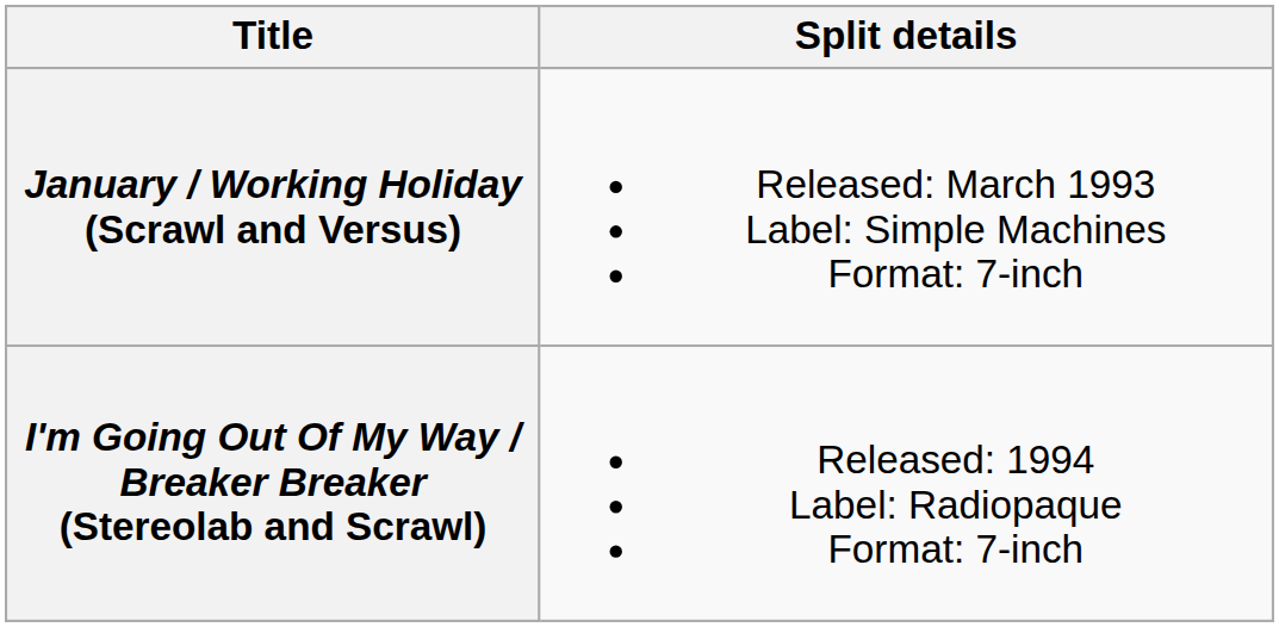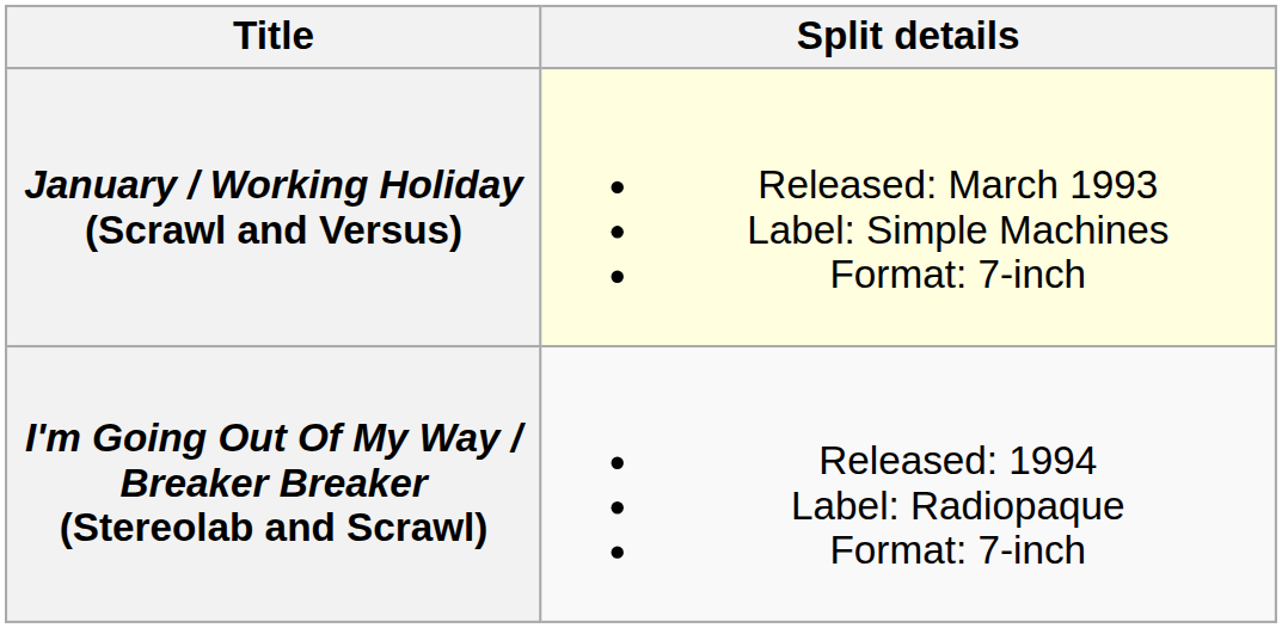 <table class="wikitable plainrowheaders" style="text-align:center;" border="1">
 <tr>
 <th scope="col" style="width:13em;">Title</th>
 <th scope="col" style="width:18em;">Split details</th>
 </tr>
 <tr>
 <th scope="row"><em>January / Working Holiday</em><br>(Scrawl and Versus)</th>
-<td><br><ul><li>Released: March 1993</li><li>Label: Simple Machines</li><li>Format: 7-inch</li></ul></td>
+<td style="background: lightyellow;"><br><ul><li>Released: March 1993</li><li>Label: Simple Machines</li><li>Format: 7-inch</li></ul></td>
 </tr>
 <tr>
 <th scope="row"><em>I'm Going Out Of My Way / Breaker Breaker</em><br>(Stereolab and Scrawl)</th>
 <td><br><ul><li>Released: 1994</li><li>Label: Radiopaque</li><li>Format: 7-inch</li></ul></td>
 </tr>
 </table>
